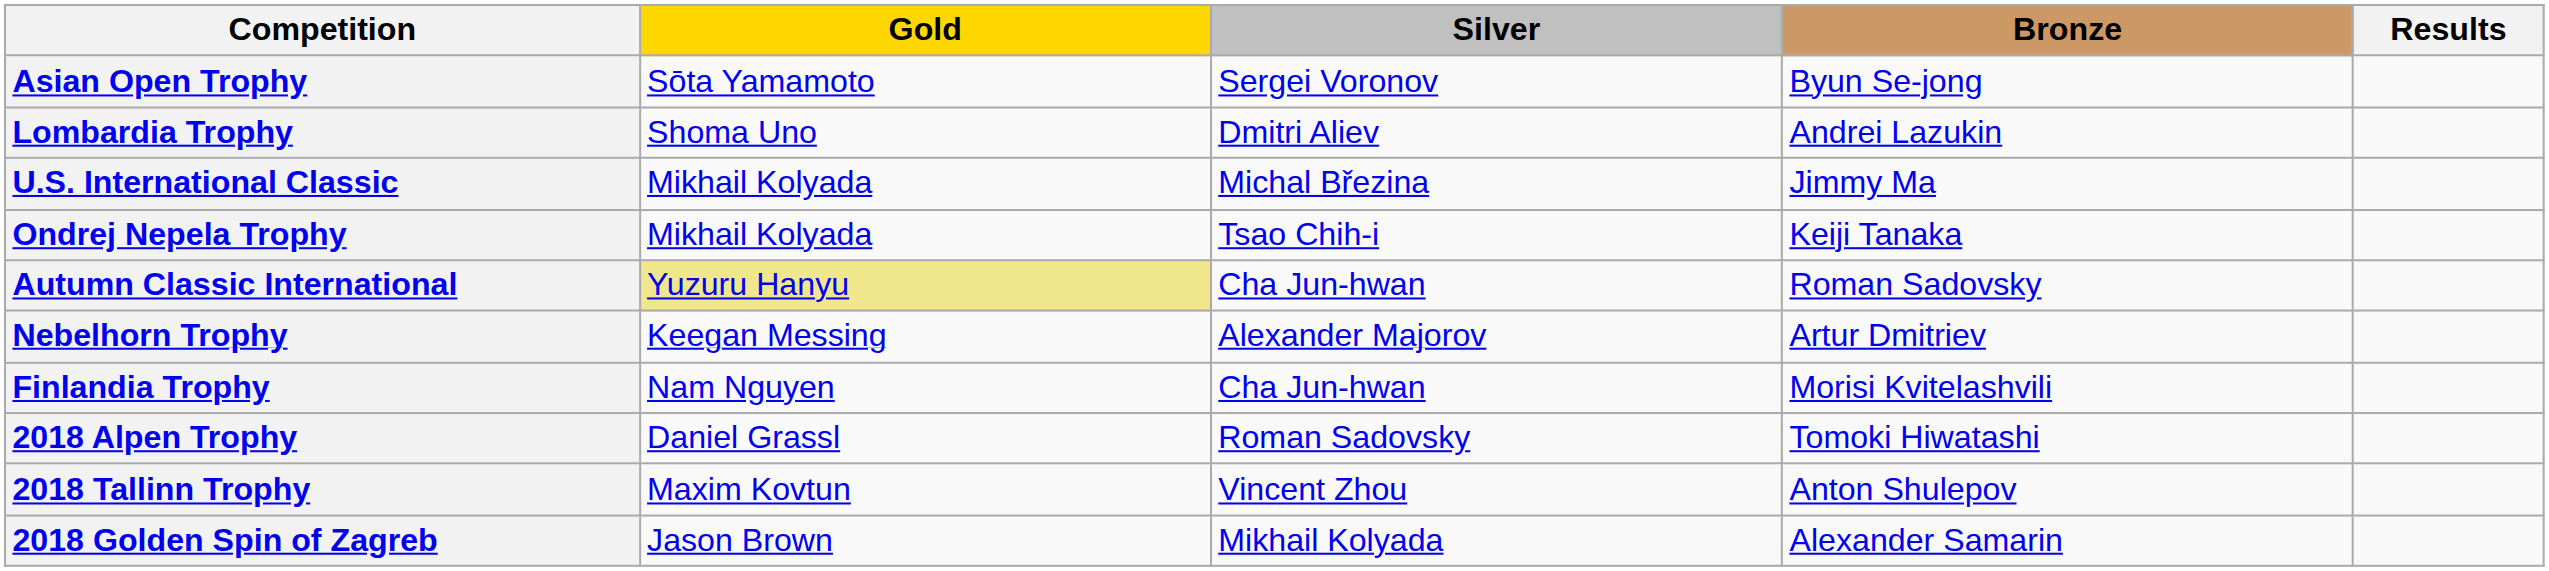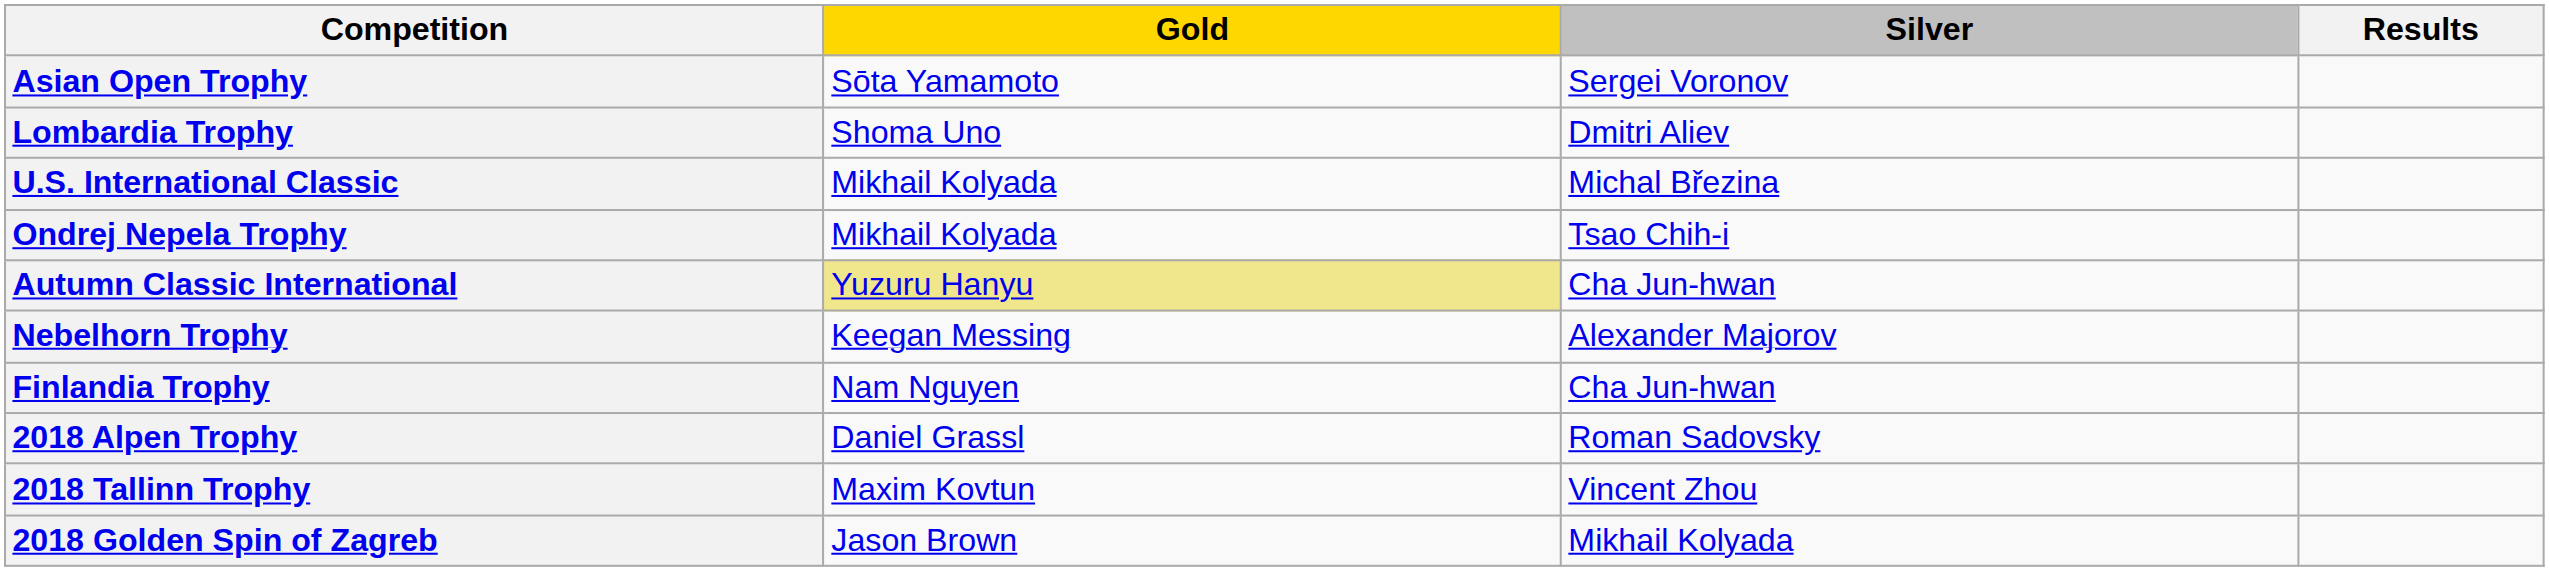 <table class="wikitable unsortable" style="text-align:left; width:100%;">
 <tr>
 <th scope="col" style="text-align:center; width:25%;">Competition</th>
 <td scope="col" style="text-align:center; width:22.5%; background:gold"><strong>Gold</strong></td>
 <td scope="col" style="text-align:center; width:22.5%; background:silver"><strong>Silver</strong></td>
-<td scope="col" style="text-align:center; width:22.5%; background:#c96"><strong>Bronze</strong></td>
 <th scope="col" style="text-align:center; width:7.5%;">Results</th>
 </tr>
 <tr>
 <th scope="row" style="text-align:left"> <a href='#'>Asian Open Trophy</a></th>
 <td> <a href='#'>Sōta Yamamoto</a></td>
 <td> <a href='#'>Sergei Voronov</a></td>
-<td> <a href='#'>Byun Se-jong</a></td>
 <td></td>
 </tr>
 <tr>
 <th scope="row" style="text-align:left"> <a href='#'>Lombardia Trophy</a></th>
 <td> <a href='#'>Shoma Uno</a></td>
 <td> <a href='#'>Dmitri Aliev</a></td>
-<td> <a href='#'>Andrei Lazukin</a></td>
 <td></td>
 </tr>
 <tr>
 <th scope="row" style="text-align:left"> <a href='#'>U.S. International Classic</a></th>
 <td> <a href='#'>Mikhail Kolyada</a></td>
 <td> <a href='#'>Michal Březina</a></td>
-<td> <a href='#'>Jimmy Ma</a></td>
 <td></td>
 </tr>
 <tr>
 <th scope="row" style="text-align:left"> <a href='#'>Ondrej Nepela Trophy</a></th>
 <td> <a href='#'>Mikhail Kolyada</a></td>
 <td> <a href='#'>Tsao Chih-i</a></td>
-<td> <a href='#'>Keiji Tanaka</a></td>
 <td></td>
 </tr>
 <tr>
 <th scope="row" style="text-align:left"> <a href='#'>Autumn Classic International</a></th>
 <td style="background: khaki;"> <a href='#'>Yuzuru Hanyu</a></td>
 <td> <a href='#'>Cha Jun-hwan</a></td>
-<td> <a href='#'>Roman Sadovsky</a></td>
 <td></td>
 </tr>
 <tr>
 <th scope="row" style="text-align:left"> <a href='#'>Nebelhorn Trophy</a></th>
 <td> <a href='#'>Keegan Messing</a></td>
 <td> <a href='#'>Alexander Majorov</a></td>
-<td> <a href='#'>Artur Dmitriev</a></td>
 <td></td>
 </tr>
 <tr>
 <th scope="row" style="text-align:left"> <a href='#'>Finlandia Trophy</a></th>
 <td> <a href='#'>Nam Nguyen</a></td>
 <td> <a href='#'>Cha Jun-hwan</a></td>
-<td> <a href='#'>Morisi Kvitelashvili</a></td>
 <td></td>
 </tr>
 <tr>
 <th scope="row" style="text-align:left"> <a href='#'>2018 Alpen Trophy</a></th>
 <td> <a href='#'>Daniel Grassl</a></td>
 <td> <a href='#'>Roman Sadovsky</a></td>
-<td> <a href='#'>Tomoki Hiwatashi</a></td>
 <td></td>
 </tr>
 <tr>
 <th scope="row" style="text-align:left"> <a href='#'>2018 Tallinn Trophy</a></th>
 <td> <a href='#'>Maxim Kovtun</a></td>
 <td> <a href='#'>Vincent Zhou</a></td>
-<td> <a href='#'>Anton Shulepov</a></td>
 <td></td>
 </tr>
 <tr>
 <th scope="row" style="text-align:left"> <a href='#'>2018 Golden Spin of Zagreb</a></th>
 <td> <a href='#'>Jason Brown</a></td>
 <td> <a href='#'>Mikhail Kolyada</a></td>
-<td> <a href='#'>Alexander Samarin</a></td>
 <td></td>
 </tr>
 </table>
